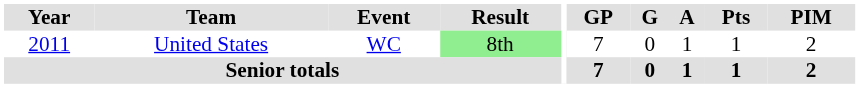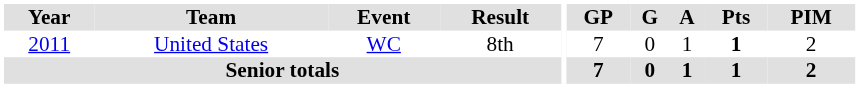 <table border="0" cellpadding="1" cellspacing="0" ID="Table3" style="text-align:center; width:40em">
 <tr ALIGN="center" bgcolor="#e0e0e0">
 <th>Year</th>
 <th>Team</th>
 <th>Event</th>
 <th>Result</th>
 <th rowspan="99" bgcolor="#ffffff"></th>
 <th>GP</th>
 <th>G</th>
 <th>A</th>
 <th>Pts</th>
 <th>PIM</th>
 </tr>
 <tr>
 <td><a href='#'>2011</a></td>
 <td><a href='#'>United States</a></td>
 <td><a href='#'>WC</a></td>
-<td style="background: lightgreen;">8th</td>
+<td>8th</td>
 <td>7</td>
 <td>0</td>
 <td>1</td>
-<td>1</td>
+<td><strong>1</strong></td>
 <td>2</td>
 </tr>
 <tr bgcolor="#e0e0e0">
 <th colspan=4>Senior totals</th>
 <th>7</th>
 <th>0</th>
 <th>1</th>
 <th>1</th>
 <th>2</th>
 </tr>
 </table>
